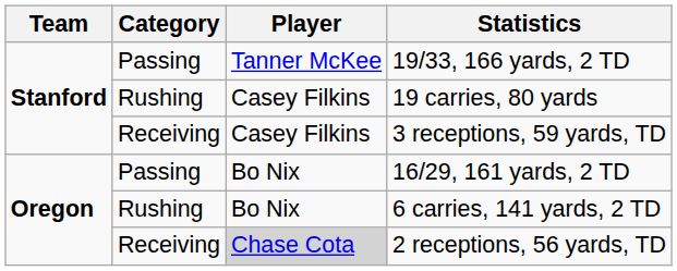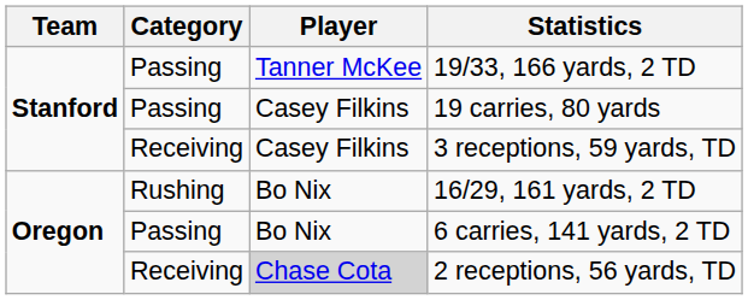 <table class="wikitable" style="float: right;">
 <tr>
 <th>Team</th>
 <th>Category</th>
 <th>Player</th>
 <th>Statistics</th>
 </tr>
 <tr>
 <td rowspan=3><strong>Stanford</strong></td>
 <td>Passing</td>
 <td><a href='#'>Tanner McKee</a></td>
 <td>19/33, 166 yards, 2 TD</td>
 </tr>
 <tr>
-<td>Rushing</td>
+<td>Passing</td>
 <td>Casey Filkins</td>
 <td>19 carries, 80 yards</td>
 </tr>
 <tr>
 <td>Receiving</td>
 <td>Casey Filkins</td>
 <td>3 receptions, 59 yards, TD</td>
 </tr>
 <tr>
 <td rowspan=3><strong>Oregon</strong></td>
-<td>Passing</td>
+<td>Rushing</td>
 <td>Bo Nix</td>
 <td>16/29, 161 yards, 2 TD</td>
 </tr>
 <tr>
-<td>Rushing</td>
+<td>Passing</td>
 <td>Bo Nix</td>
 <td>6 carries, 141 yards, 2 TD</td>
 </tr>
 <tr>
 <td>Receiving</td>
 <td style="background: lightgrey;"><a href='#'>Chase Cota</a></td>
 <td>2 receptions, 56 yards, TD</td>
 </tr>
 </table>
